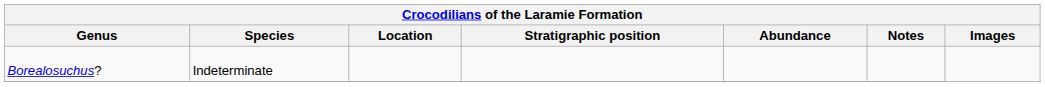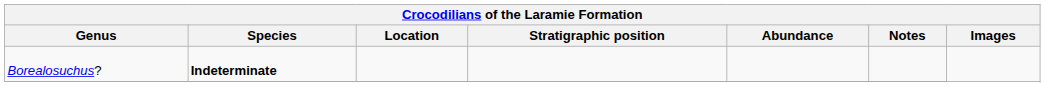 <table class="wikitable" align="center" width="100%">
 <tr>
 <th colspan="7" align="center"><strong><a href='#'>Crocodilians</a> of the Laramie Formation</strong></th>
 </tr>
 <tr>
 <th>Genus</th>
 <th>Species</th>
 <th>Location</th>
 <th>Stratigraphic position</th>
 <th>Abundance</th>
 <th>Notes</th>
 <th>Images</th>
 </tr>
 <tr>
 <td><br><em><a href='#'>Borealosuchus</a></em>?</td>
-<td><br>Indeterminate</td>
+<td><strong><br>Indeterminate</strong></td>
 <td></td>
 <td></td>
 <td></td>
 <td></td>
 <td rowspan="99"><br></td>
 </tr>
 <tr>
 </tr>
 </table>
